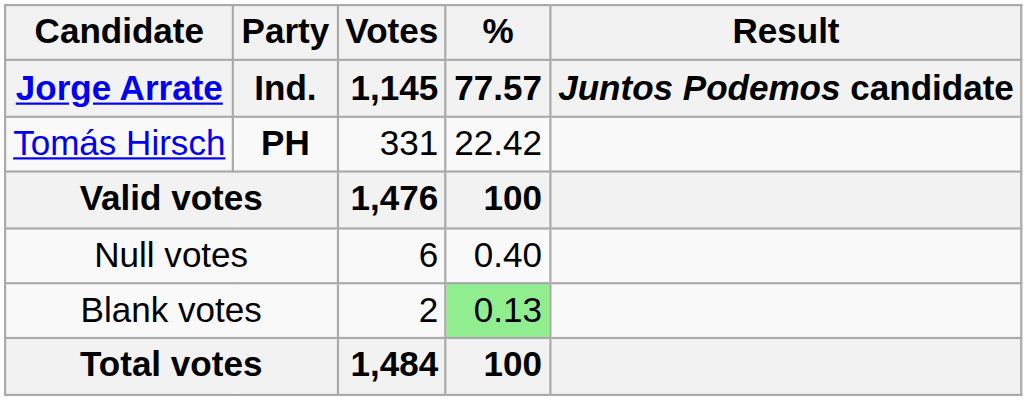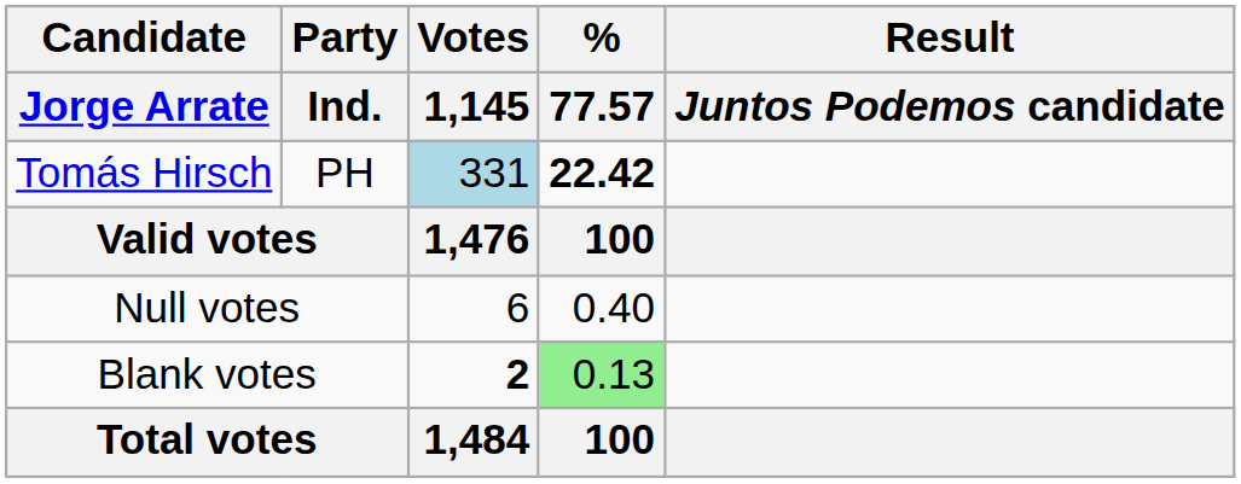 <table class="wikitable">
 <tr>
 <th>Candidate</th>
 <th>Party</th>
 <th>Votes</th>
 <th>%</th>
 <th>Result</th>
 </tr>
 <tr>
 <th><a href='#'>Jorge Arrate</a></th>
 <th>Ind.</th>
 <th style="text-align:right;">1,145</th>
 <th style="text-align:right;">77.57</th>
 <th><em>Juntos Podemos</em> candidate</th>
 </tr>
 <tr>
 <td align=center><a href='#'>Tomás Hirsch</a></td>
-<td style="text-align:center;"><strong>PH</strong></td>
-<td style="text-align:right;">331</td>
-<td style="text-align:right;">22.42</td>
+<td style="text-align:center;">PH</td>
+<td style="background: lightblue; text-align:right;">331</td>
+<td style="text-align:right;"><strong>22.42</strong></td>
 <td></td>
 </tr>
 <tr>
 <th colspan=2>Valid votes</th>
 <th style="text-align:right;">1,476</th>
 <th style="text-align:right;">100</th>
 <th></th>
 </tr>
 <tr>
 <td style="text-align:center;" colspan="2">Null votes</td>
 <td style="text-align:right;">6</td>
 <td style="text-align:right;">0.40</td>
 <td></td>
 </tr>
 <tr>
 <td style="text-align:center;" colspan="2">Blank votes</td>
-<td style="text-align:right;">2</td>
+<td style="text-align:right;"><strong>2</strong></td>
 <td style="background: lightgreen; text-align:right;">0.13</td>
 <td></td>
 </tr>
 <tr>
 <th colspan=2>Total votes</th>
 <th style="text-align:right;">1,484</th>
 <th style="text-align:right;">100</th>
 <th></th>
 </tr>
 </table>
